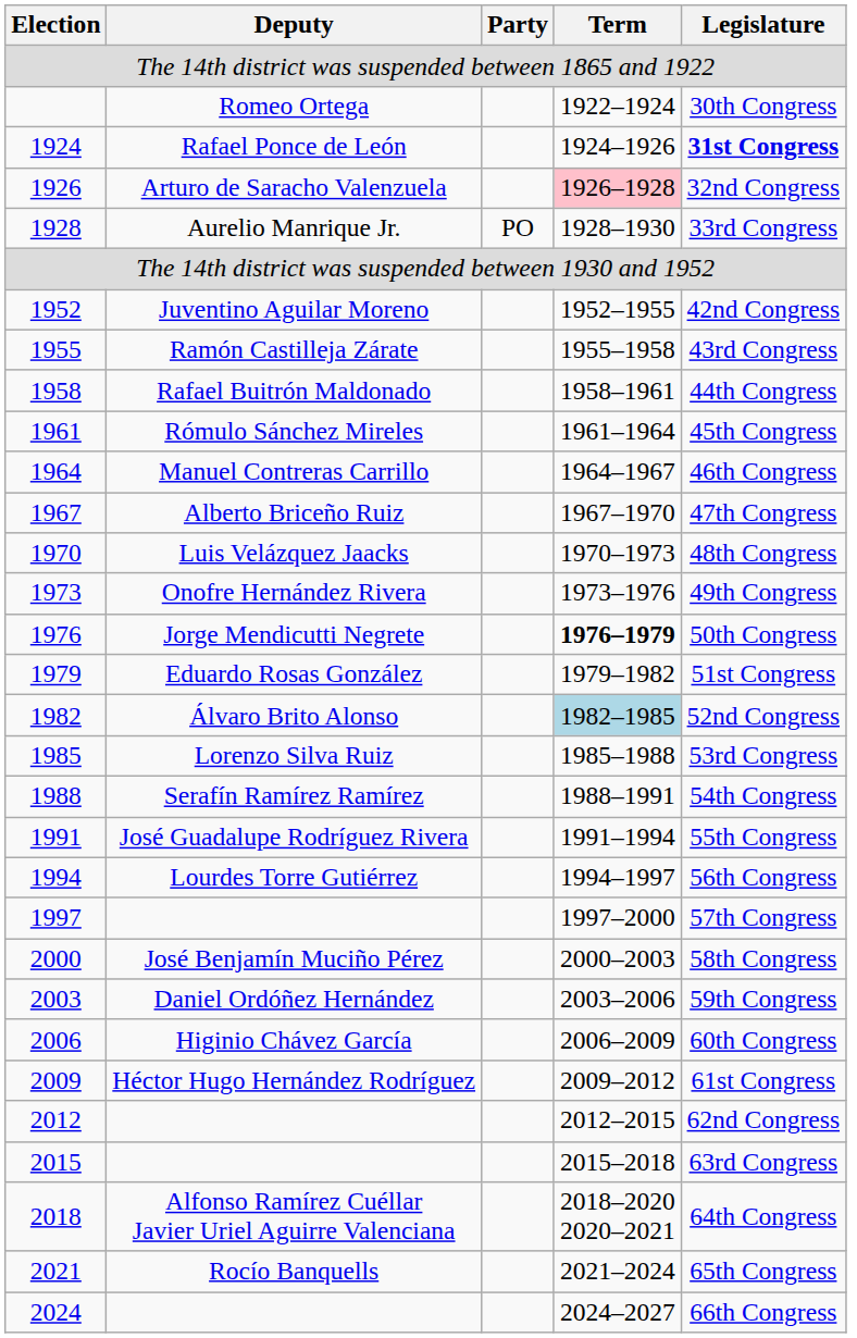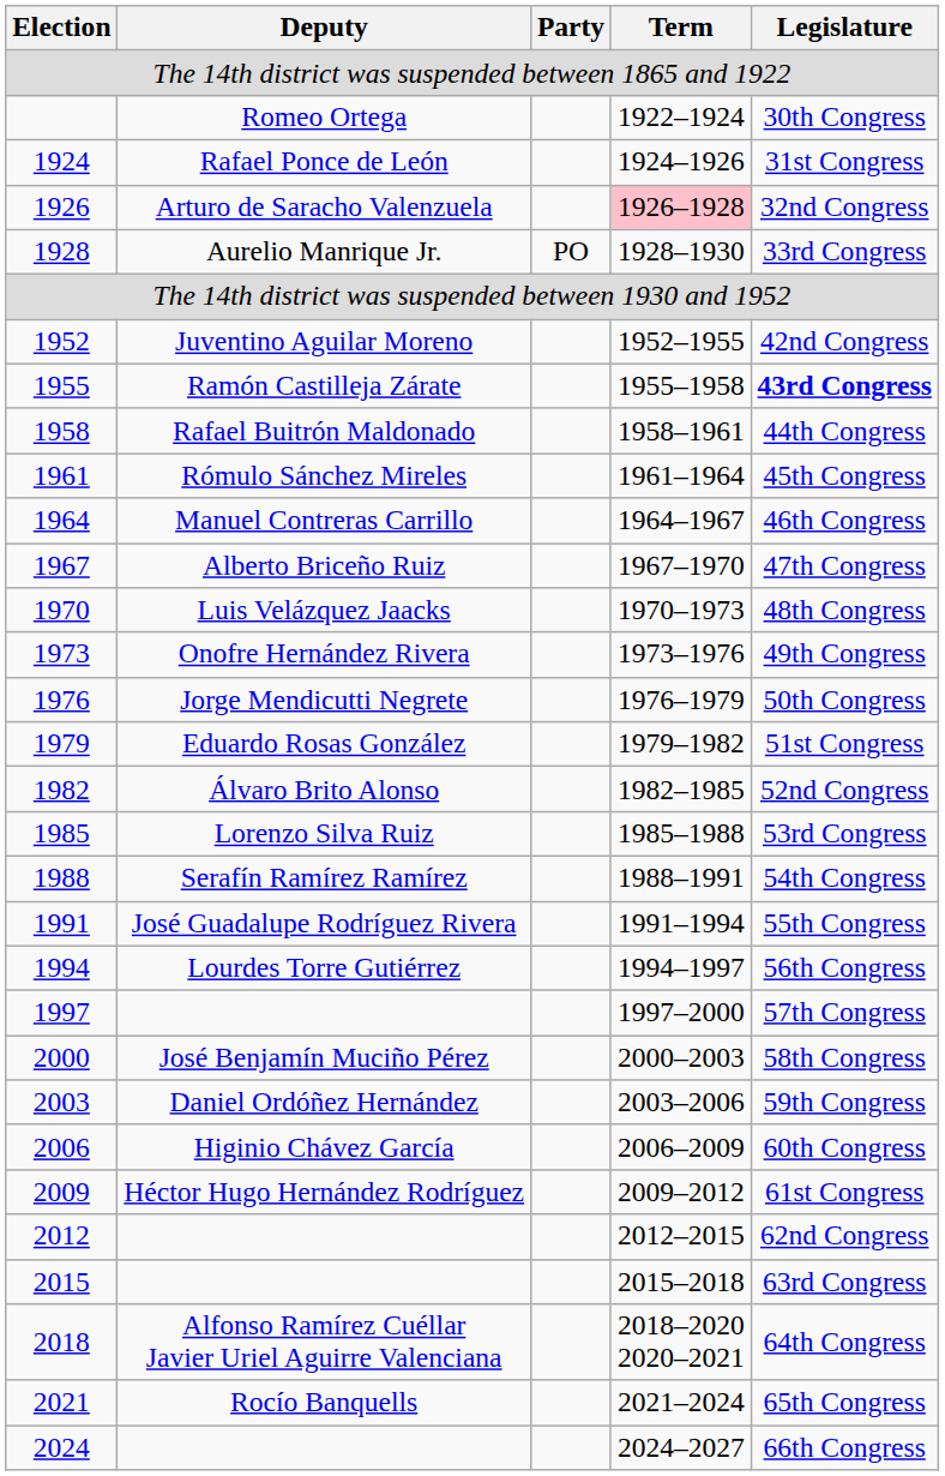 <table class="wikitable sortable" style="text-align: center">
 <tr>
 <th>Election</th>
 <th class="unsortable">Deputy</th>
 <th class="unsortable">Party</th>
 <th class="unsortable">Term</th>
 <th class="unsortable">Legislature</th>
 </tr>
 <tr align=center style="background:Gainsboro;">
 <td colspan=5><em>The 14th district was suspended between 1865 and 1922</em></td>
 </tr>
 <tr>
 <td></td>
 <td><a href='#'>Romeo Ortega</a></td>
 <td></td>
 <td>1922–1924</td>
 <td><a href='#'>30th Congress</a></td>
 </tr>
 <tr>
 <td><a href='#'>1924</a></td>
 <td><a href='#'>Rafael Ponce de León</a></td>
 <td></td>
 <td>1924–1926</td>
-<td><strong><a href='#'>31st Congress</a></strong></td>
+<td><a href='#'>31st Congress</a></td>
 </tr>
 <tr>
 <td><a href='#'>1926</a></td>
 <td><a href='#'>Arturo de Saracho Valenzuela</a></td>
 <td></td>
 <td style="background: pink;">1926–1928</td>
 <td><a href='#'>32nd Congress</a></td>
 </tr>
 <tr>
 <td><a href='#'>1928</a></td>
 <td>Aurelio Manrique Jr.</td>
 <td>PO</td>
 <td>1928–1930</td>
 <td><a href='#'>33rd Congress</a></td>
 </tr>
 <tr align=center style="background:Gainsboro;">
 <td colspan=5><em>The 14th district was suspended between 1930 and 1952</em></td>
 </tr>
 <tr>
 <td><a href='#'>1952</a></td>
 <td><a href='#'>Juventino Aguilar Moreno</a></td>
 <td></td>
 <td>1952–1955</td>
 <td><a href='#'>42nd Congress</a></td>
 </tr>
 <tr>
 <td><a href='#'>1955</a></td>
 <td><a href='#'>Ramón Castilleja Zárate</a></td>
 <td></td>
 <td>1955–1958</td>
-<td><a href='#'>43rd Congress</a></td>
+<td><strong><a href='#'>43rd Congress</a></strong></td>
 </tr>
 <tr>
 <td><a href='#'>1958</a></td>
 <td><a href='#'>Rafael Buitrón Maldonado</a></td>
 <td></td>
 <td>1958–1961</td>
 <td><a href='#'>44th Congress</a></td>
 </tr>
 <tr>
 <td><a href='#'>1961</a></td>
 <td><a href='#'>Rómulo Sánchez Mireles</a></td>
 <td></td>
 <td>1961–1964</td>
 <td><a href='#'>45th Congress</a></td>
 </tr>
 <tr>
 <td><a href='#'>1964</a></td>
 <td><a href='#'>Manuel Contreras Carrillo</a></td>
 <td></td>
 <td>1964–1967</td>
 <td><a href='#'>46th Congress</a></td>
 </tr>
 <tr>
 <td><a href='#'>1967</a></td>
 <td><a href='#'>Alberto Briceño Ruiz</a></td>
 <td></td>
 <td>1967–1970</td>
 <td><a href='#'>47th Congress</a></td>
 </tr>
 <tr>
 <td><a href='#'>1970</a></td>
 <td><a href='#'>Luis Velázquez Jaacks</a></td>
 <td></td>
 <td>1970–1973</td>
 <td><a href='#'>48th Congress</a></td>
 </tr>
 <tr>
 <td><a href='#'>1973</a></td>
 <td><a href='#'>Onofre Hernández Rivera</a></td>
 <td></td>
 <td>1973–1976</td>
 <td><a href='#'>49th Congress</a></td>
 </tr>
 <tr>
 <td><a href='#'>1976</a></td>
 <td><a href='#'>Jorge Mendicutti Negrete</a></td>
 <td></td>
-<td><strong>1976–1979</strong></td>
+<td>1976–1979</td>
 <td><a href='#'>50th Congress</a></td>
 </tr>
 <tr>
 <td><a href='#'>1979</a></td>
 <td><a href='#'>Eduardo Rosas González</a></td>
 <td></td>
 <td>1979–1982</td>
 <td><a href='#'>51st Congress</a></td>
 </tr>
 <tr>
 <td><a href='#'>1982</a></td>
 <td><a href='#'>Álvaro Brito Alonso</a></td>
 <td></td>
-<td style="background: lightblue;">1982–1985</td>
+<td>1982–1985</td>
 <td><a href='#'>52nd Congress</a></td>
 </tr>
 <tr>
 <td><a href='#'>1985</a></td>
 <td><a href='#'>Lorenzo Silva Ruiz</a></td>
 <td></td>
 <td>1985–1988</td>
 <td><a href='#'>53rd Congress</a></td>
 </tr>
 <tr>
 <td><a href='#'>1988</a></td>
 <td><a href='#'>Serafín Ramírez Ramírez</a></td>
 <td></td>
 <td>1988–1991</td>
 <td><a href='#'>54th Congress</a></td>
 </tr>
 <tr>
 <td><a href='#'>1991</a></td>
 <td><a href='#'>José Guadalupe Rodríguez Rivera</a></td>
 <td></td>
 <td>1991–1994</td>
 <td><a href='#'>55th Congress</a></td>
 </tr>
 <tr>
 <td><a href='#'>1994</a></td>
 <td><a href='#'>Lourdes Torre Gutiérrez</a></td>
 <td></td>
 <td>1994–1997</td>
 <td><a href='#'>56th Congress</a></td>
 </tr>
 <tr>
 <td><a href='#'>1997</a></td>
 <td></td>
 <td></td>
 <td>1997–2000</td>
 <td><a href='#'>57th Congress</a></td>
 </tr>
 <tr>
 <td><a href='#'>2000</a></td>
 <td><a href='#'>José Benjamín Muciño Pérez</a></td>
 <td></td>
 <td>2000–2003</td>
 <td><a href='#'>58th Congress</a></td>
 </tr>
 <tr>
 <td><a href='#'>2003</a></td>
 <td><a href='#'>Daniel Ordóñez Hernández</a></td>
 <td></td>
 <td>2003–2006</td>
 <td><a href='#'>59th Congress</a></td>
 </tr>
 <tr>
 <td><a href='#'>2006</a></td>
 <td><a href='#'>Higinio Chávez García</a></td>
 <td></td>
 <td>2006–2009</td>
 <td><a href='#'>60th Congress</a></td>
 </tr>
 <tr>
 <td><a href='#'>2009</a></td>
 <td><a href='#'>Héctor Hugo Hernández Rodríguez</a></td>
 <td></td>
 <td>2009–2012</td>
 <td><a href='#'>61st Congress</a></td>
 </tr>
 <tr>
 <td><a href='#'>2012</a></td>
 <td></td>
 <td></td>
 <td>2012–2015</td>
 <td><a href='#'>62nd Congress</a></td>
 </tr>
 <tr>
 <td><a href='#'>2015</a></td>
 <td></td>
 <td></td>
 <td>2015–2018</td>
 <td><a href='#'>63rd Congress</a></td>
 </tr>
 <tr>
 <td><a href='#'>2018</a></td>
 <td><a href='#'>Alfonso Ramírez Cuéllar</a><br><a href='#'>Javier Uriel Aguirre Valenciana</a></td>
 <td></td>
 <td>2018–2020<br>2020–2021</td>
 <td><a href='#'>64th Congress</a></td>
 </tr>
 <tr>
 <td><a href='#'>2021</a></td>
 <td><a href='#'>Rocío Banquells</a></td>
 <td> </td>
 <td>2021–2024</td>
 <td><a href='#'>65th Congress</a></td>
 </tr>
 <tr>
 <td><a href='#'>2024</a></td>
 <td></td>
 <td></td>
 <td>2024–2027</td>
 <td><a href='#'>66th Congress</a></td>
 </tr>
 </table>
